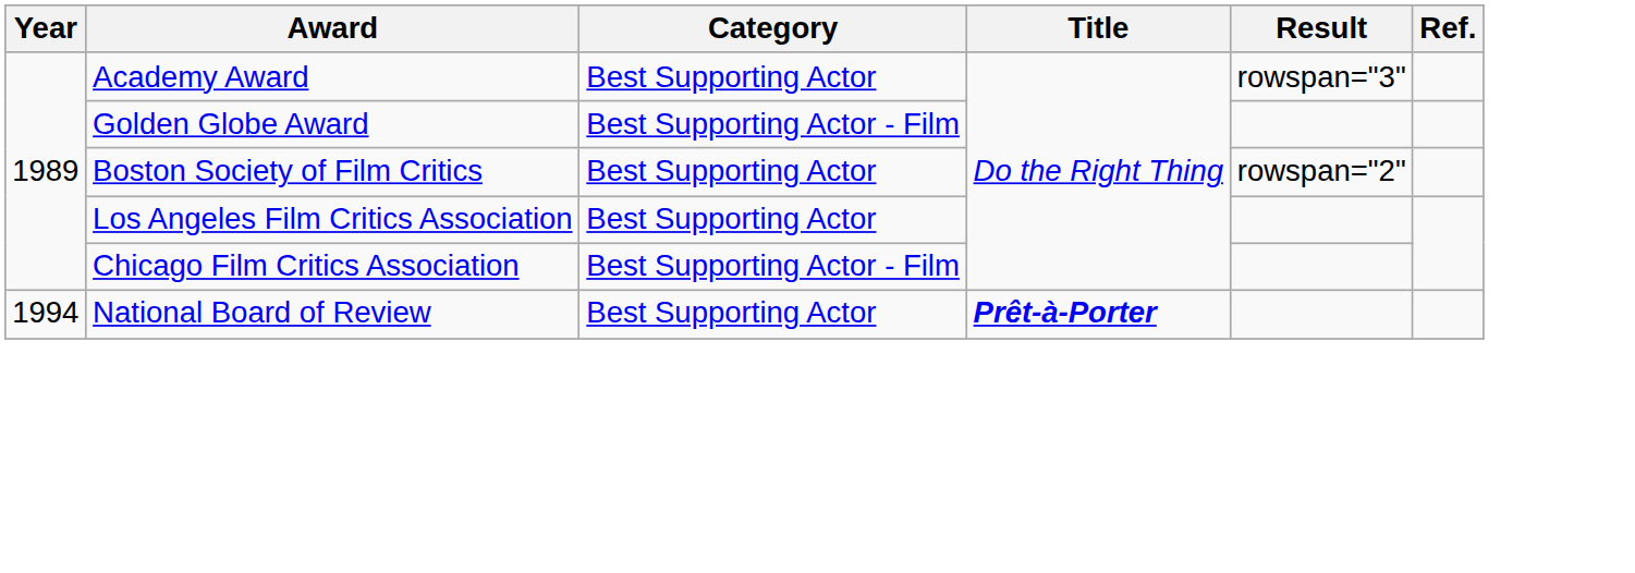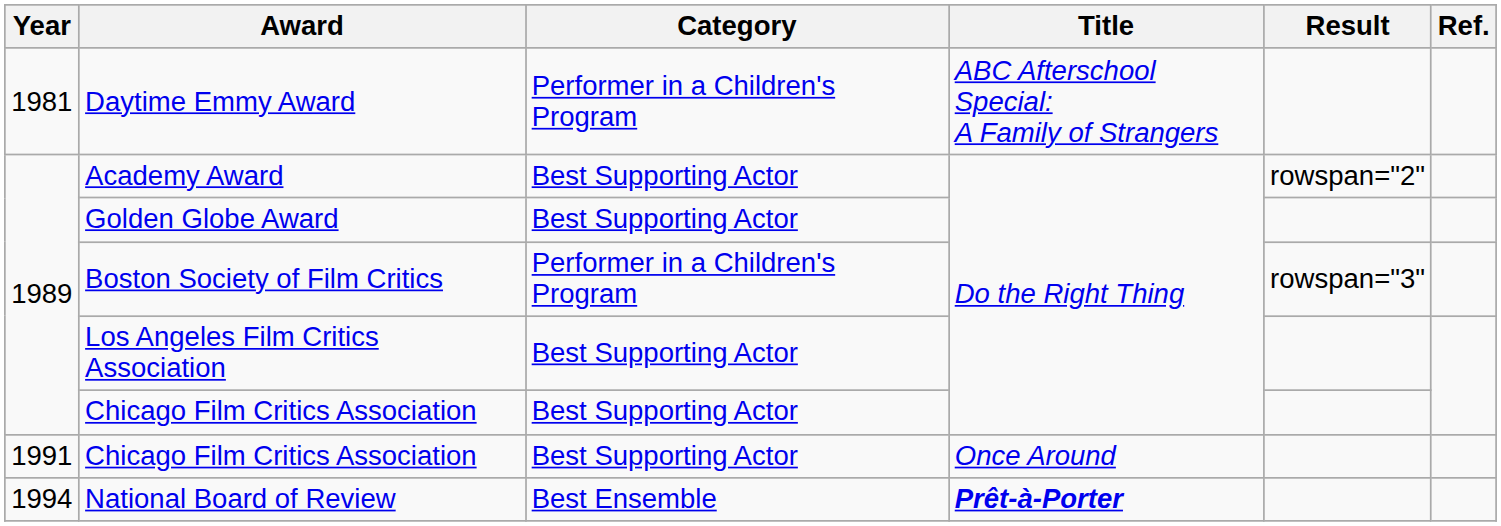 <table class="wikitable">
 <tr>
 <th>Year</th>
 <th>Award</th>
 <th>Category</th>
 <th>Title</th>
 <th>Result</th>
 <th>Ref.</th>
 </tr>
 <tr>
+<td>1981</td>
+<td><a href='#'>Daytime Emmy Award</a></td>
+<td><a href='#'>Performer in a Children's Program</a></td>
+<td><em><a href='#'>ABC Afterschool Special:<br> A Family of Strangers</a></em></td>
+<td></td>
+<td></td>
+</tr>
+<tr>
 <td rowspan="5">1989</td>
 <td><a href='#'>Academy Award</a></td>
 <td><a href='#'>Best Supporting Actor</a></td>
 <td rowspan="5"><em><a href='#'>Do the Right Thing</a></em></td>
-<td>rowspan="3" </td>
+<td>rowspan="2" </td>
 <td></td>
 </tr>
 <tr>
 <td><a href='#'>Golden Globe Award</a></td>
-<td><a href='#'>Best Supporting Actor - Film</a></td>
+<td><a href='#'>Best Supporting Actor</a></td>
 <td></td>
 </tr>
 <tr>
 <td><a href='#'>Boston Society of Film Critics</a></td>
-<td><a href='#'>Best Supporting Actor</a></td>
-<td>rowspan="2" </td>
+<td><a href='#'>Performer in a Children's Program</a></td>
+<td>rowspan="3" </td>
 <td></td>
 </tr>
 <tr>
 <td><a href='#'>Los Angeles Film Critics Association</a></td>
 <td><a href='#'>Best Supporting Actor</a></td>
 <td></td>
 </tr>
 <tr>
 <td><a href='#'>Chicago Film Critics Association</a></td>
-<td><a href='#'>Best Supporting Actor - Film</a></td>
+<td><a href='#'>Best Supporting Actor</a></td>
+<td></td>
+</tr>
+<tr>
+<td>1991</td>
+<td><a href='#'>Chicago Film Critics Association</a></td>
+<td><a href='#'>Best Supporting Actor</a></td>
+<td><em><a href='#'>Once Around</a></em></td>
+<td></td>
 <td></td>
 </tr>
 <tr>
 <td>1994</td>
 <td><a href='#'>National Board of Review</a></td>
-<td><a href='#'>Best Supporting Actor</a></td>
+<td><a href='#'>Best Ensemble</a></td>
 <td><strong><em><a href='#'>Prêt-à-Porter</a></em></strong></td>
 <td></td>
 <td></td>
 </tr>
 </table>
